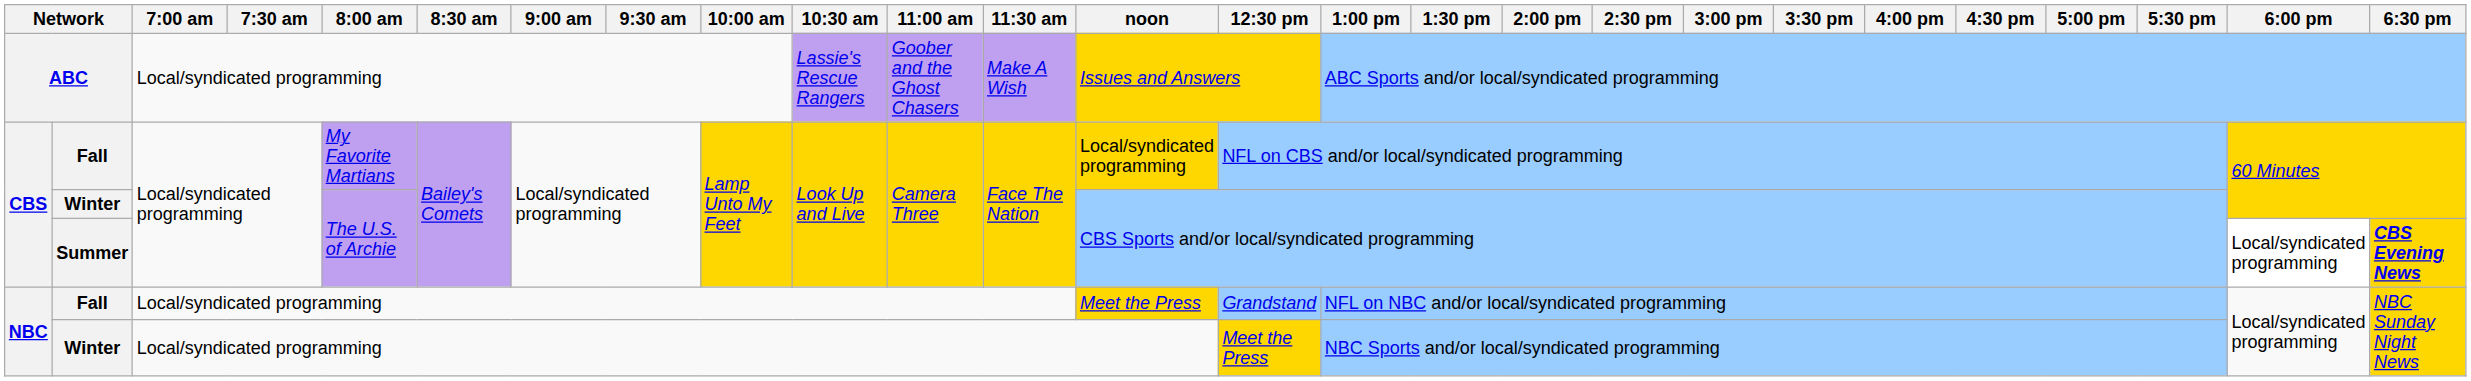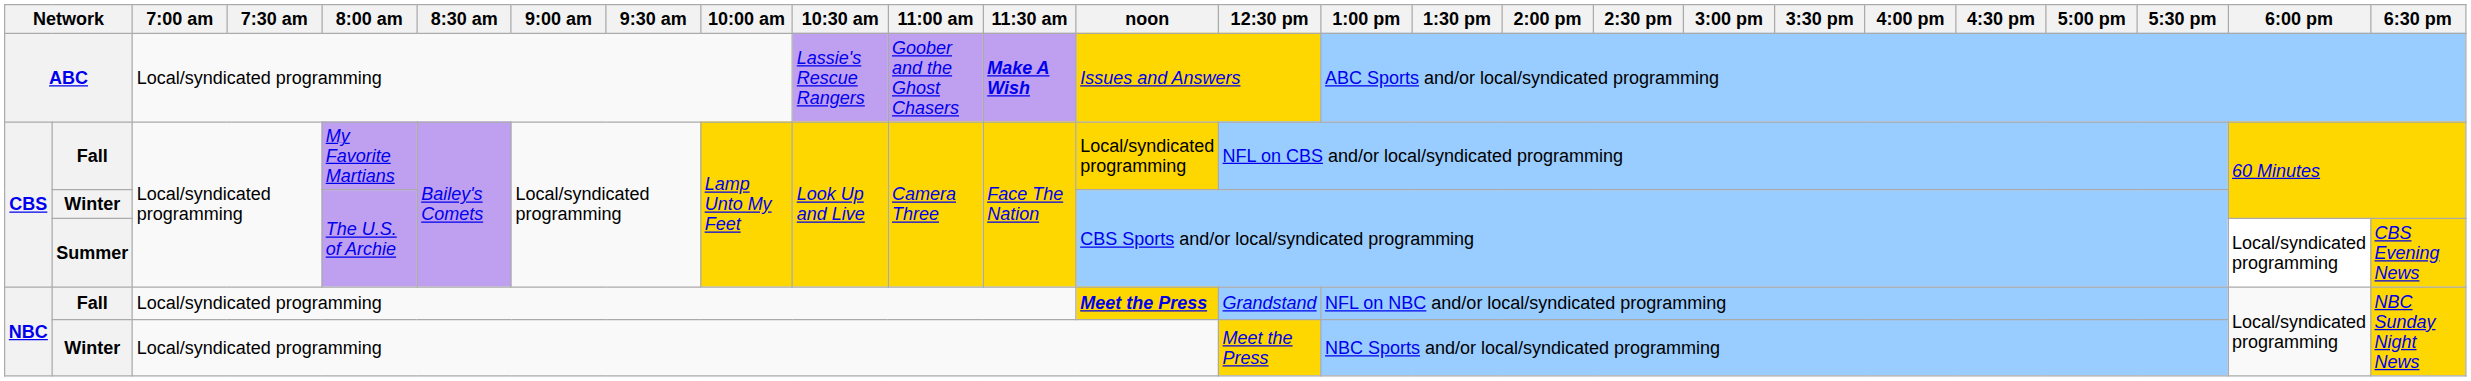 <table class="wikitable" style="font-size:90%">
 <tr>
 <th colspan="2" width="1.5%" bgcolor="#C0C0C0">Network</th>
 <th width="4%" bgcolor="#C0C0C0">7:00 am</th>
 <th width="4%" bgcolor="#C0C0C0">7:30 am</th>
 <th width="4%" bgcolor="#C0C0C0">8:00 am</th>
 <th width="4%" bgcolor="#C0C0C0">8:30 am</th>
 <th width="4%" bgcolor="#C0C0C0">9:00 am</th>
 <th width="4%" bgcolor="#C0C0C0">9:30 am</th>
 <th width="4%" bgcolor="#C0C0C0">10:00 am</th>
 <th width="4%" bgcolor="#C0C0C0">10:30 am</th>
 <th width="4%" bgcolor="#C0C0C0">11:00 am</th>
 <th width="4%" bgcolor="#C0C0C0">11:30 am</th>
 <th width="4%" bgcolor="#C0C0C0">noon</th>
 <th width="4%" bgcolor="#C0C0C0">12:30 pm</th>
 <th width="4%" bgcolor="#C0C0C0">1:00 pm</th>
 <th width="4%" bgcolor="#C0C0C0">1:30 pm</th>
 <th width="4%" bgcolor="#C0C0C0">2:00 pm</th>
 <th width="4%" bgcolor="#C0C0C0">2:30 pm</th>
 <th width="4%" bgcolor="#C0C0C0">3:00 pm</th>
 <th width="4%" bgcolor="#C0C0C0">3:30 pm</th>
 <th width="4%" bgcolor="#C0C0C0">4:00 pm</th>
 <th width="4%" bgcolor="#C0C0C0">4:30 pm</th>
 <th width="4%" bgcolor="#C0C0C0">5:00 pm</th>
 <th width="4%" bgcolor="#C0C0C0">5:30 pm</th>
 <th width="4%" bgcolor="#C0C0C0">6:00 pm</th>
 <th width="4%" bgcolor="#C0C0C0">6:30 pm</th>
 </tr>
 <tr>
 <th colspan="2" bgcolor="#C0C0C0"><a href='#'>ABC</a></th>
 <td colspan="7">Local/syndicated programming</td>
 <td bgcolor="bf9fef"><em><a href='#'>Lassie's Rescue Rangers</a></em> </td>
 <td bgcolor="bf9fef"><em><a href='#'>Goober and the Ghost Chasers</a></em> </td>
-<td bgcolor="bf9fef"><em><a href='#'>Make A Wish</a></em></td>
+<td bgcolor="bf9fef"><strong><em><a href='#'>Make A Wish</a></em></strong></td>
 <td colspan="2" bgcolor="gold"><em><a href='#'>Issues and Answers</a></em></td>
 <td colspan="12" bgcolor="99ccff"><a href='#'>ABC Sports</a> and/or local/syndicated programming</td>
 </tr>
 <tr>
 <th rowspan="3" bgcolor="#C0C0C0"><a href='#'>CBS</a></th>
 <th>Fall</th>
 <td colspan="2" rowspan="3">Local/syndicated programming</td>
 <td rowspan="1" bgcolor="bf9fef"><em><a href='#'>My Favorite Martians</a></em> </td>
 <td rowspan="3" bgcolor="bf9fef"><em><a href='#'>Bailey's Comets</a></em> </td>
 <td colspan="2" rowspan="3">Local/syndicated programming</td>
 <td rowspan="3" bgcolor="gold"><em><a href='#'>Lamp Unto My Feet</a></em></td>
 <td rowspan="3" bgcolor="gold"><em><a href='#'>Look Up and Live</a></em></td>
 <td rowspan="3" bgcolor="gold"><em><a href='#'>Camera Three</a></em></td>
 <td rowspan="3" bgcolor="gold"><em><a href='#'>Face The Nation</a></em></td>
 <td style="background: gold;">Local/syndicated programming</td>
 <td colspan="11" bgcolor="99ccff"><a href='#'>NFL on CBS</a> and/or local/syndicated programming</td>
 <td rowspan="2" colspan=2 bgcolor=gold><em><a href='#'>60 Minutes</a></em></td>
 </tr>
 <tr>
 <th>Winter</th>
 <td rowspan=2 bgcolor=bf9fef><em><a href='#'>The U.S. of Archie</a></em></td>
 <td colspan="12" rowspan=2 bgcolor="99ccff"><a href='#'>CBS Sports</a> and/or local/syndicated programming</td>
 </tr>
 <tr>
 <th>Summer</th>
 <td bgcolor=white>Local/syndicated programming</td>
-<td bgcolor=gold><strong><em><a href='#'>CBS Evening News</a></em></strong></td>
+<td bgcolor=gold><em><a href='#'>CBS Evening News</a></em></td>
 </tr>
 <tr>
 <th rowspan="2"><a href='#'>NBC</a></th>
 <th>Fall</th>
 <td colspan="10">Local/syndicated programming</td>
-<td bgcolor="gold"><em><a href='#'>Meet the Press</a></em></td>
+<td bgcolor="gold"><strong><em><a href='#'>Meet the Press</a></em></strong></td>
 <td bgcolor="99ccff"><em><a href='#'>Grandstand</a></em></td>
 <td colspan="10" bgcolor="99ccff"><a href='#'>NFL on NBC</a> and/or local/syndicated programming</td>
 <td rowspan="2">Local/syndicated programming</td>
 <td rowspan="2" bgcolor="gold"><em><a href='#'>NBC Sunday Night News</a></em></td>
 </tr>
 <tr>
 <th>Winter</th>
 <td colspan="11">Local/syndicated programming</td>
 <td bgcolor="gold"><em><a href='#'>Meet the Press</a></em></td>
 <td colspan="10" bgcolor="99ccff"><a href='#'>NBC Sports</a> and/or local/syndicated programming</td>
 </tr>
 </table>
